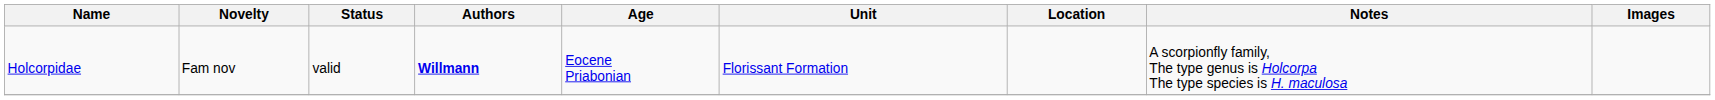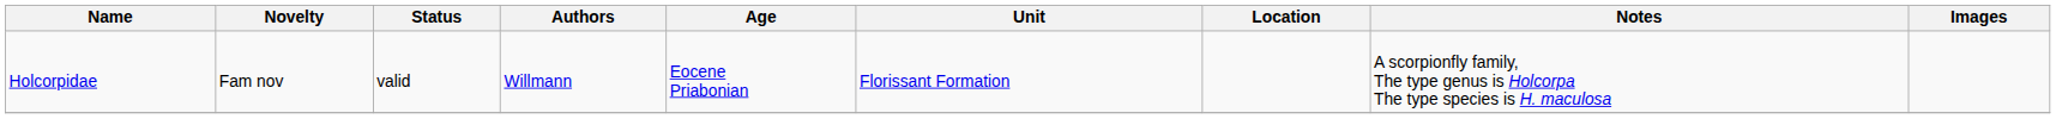 <table class="wikitable sortable" align="center" width="100%">
 <tr>
 <th>Name</th>
 <th>Novelty</th>
 <th>Status</th>
 <th>Authors</th>
 <th>Age</th>
 <th>Unit</th>
 <th>Location</th>
 <th>Notes</th>
 <th>Images</th>
 </tr>
 <tr>
 <td><br><a href='#'>Holcorpidae</a></td>
 <td><br>Fam nov</td>
 <td><br>valid</td>
-<td><strong><br><a href='#'>Willmann</a></strong></td>
+<td><br><a href='#'>Willmann</a></td>
 <td><br><a href='#'>Eocene</a><br><a href='#'>Priabonian</a></td>
 <td><br><a href='#'>Florissant Formation</a></td>
 <td><br><br></td>
 <td><br>A scorpionfly family,<br> The type genus is <em><a href='#'>Holcorpa</a></em><br>The type species is <em><a href='#'>H. maculosa</a></em></td>
 <td><br></td>
 </tr>
 <tr>
 </tr>
 </table>
